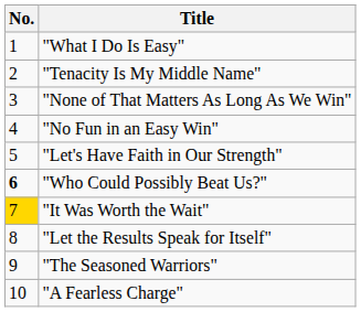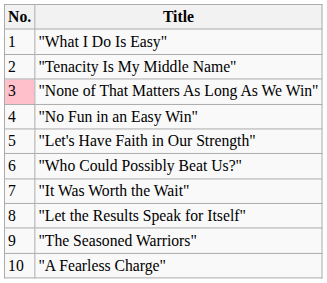 <table class="wikitable">
 <tr>
 <th>No.</th>
 <th>Title</th>
 </tr>
 <tr>
 <td>1</td>
 <td>"What I Do Is Easy"</td>
 </tr>
 <tr>
 <td>2</td>
 <td>"Tenacity Is My Middle Name"</td>
 </tr>
 <tr>
-<td>3</td>
+<td style="background: pink;">3</td>
 <td>"None of That Matters As Long As We Win"</td>
 </tr>
 <tr>
 <td>4</td>
 <td>"No Fun in an Easy Win"</td>
 </tr>
 <tr>
 <td>5</td>
 <td>"Let's Have Faith in Our Strength"</td>
 </tr>
 <tr>
-<td><strong>6</strong></td>
+<td>6</td>
 <td>"Who Could Possibly Beat Us?"</td>
 </tr>
 <tr>
-<td style="background: gold;">7</td>
+<td>7</td>
 <td>"It Was Worth the Wait"</td>
 </tr>
 <tr>
 <td>8</td>
 <td>"Let the Results Speak for Itself"</td>
 </tr>
 <tr>
 <td>9</td>
 <td>"The Seasoned Warriors"</td>
 </tr>
 <tr>
 <td>10</td>
 <td>"A Fearless Charge"</td>
 </tr>
 </table>
